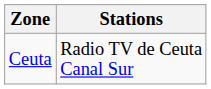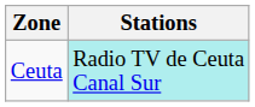 <table class="wikitable">
 <tr>
 <th>Zone</th>
 <th>Stations</th>
 </tr>
 <tr>
 <td><a href='#'>Ceuta</a></td>
-<td>Radio TV de Ceuta<br><a href='#'>Canal Sur</a></td>
+<td style="background: paleturquoise;">Radio TV de Ceuta<br><a href='#'>Canal Sur</a></td>
 </tr>
 </table>
